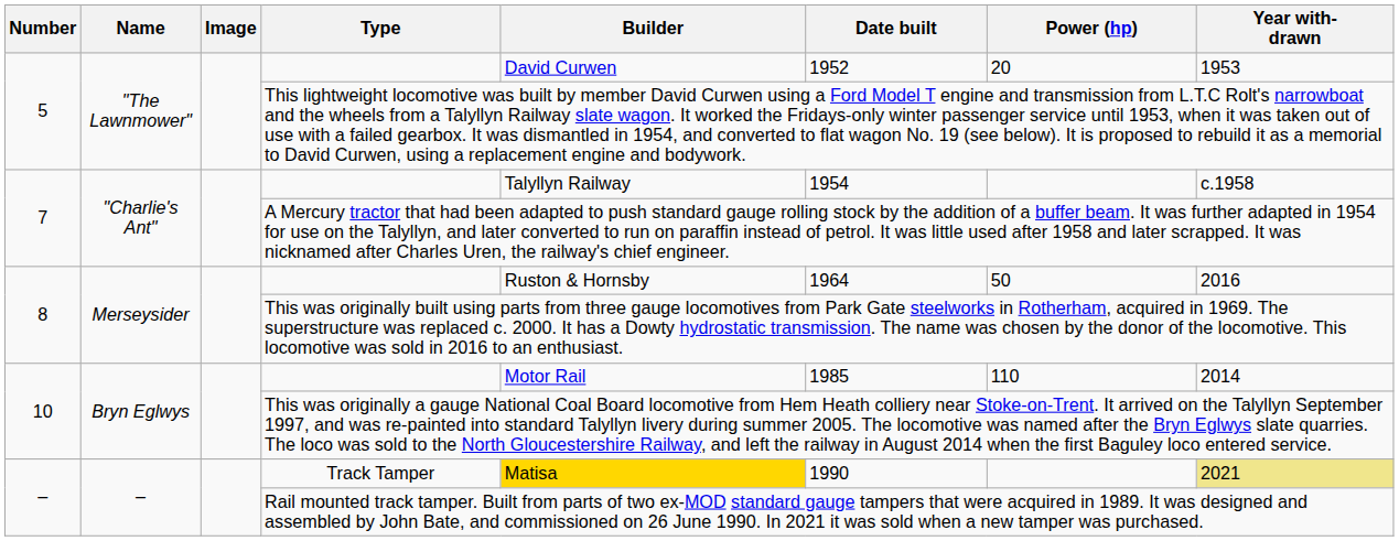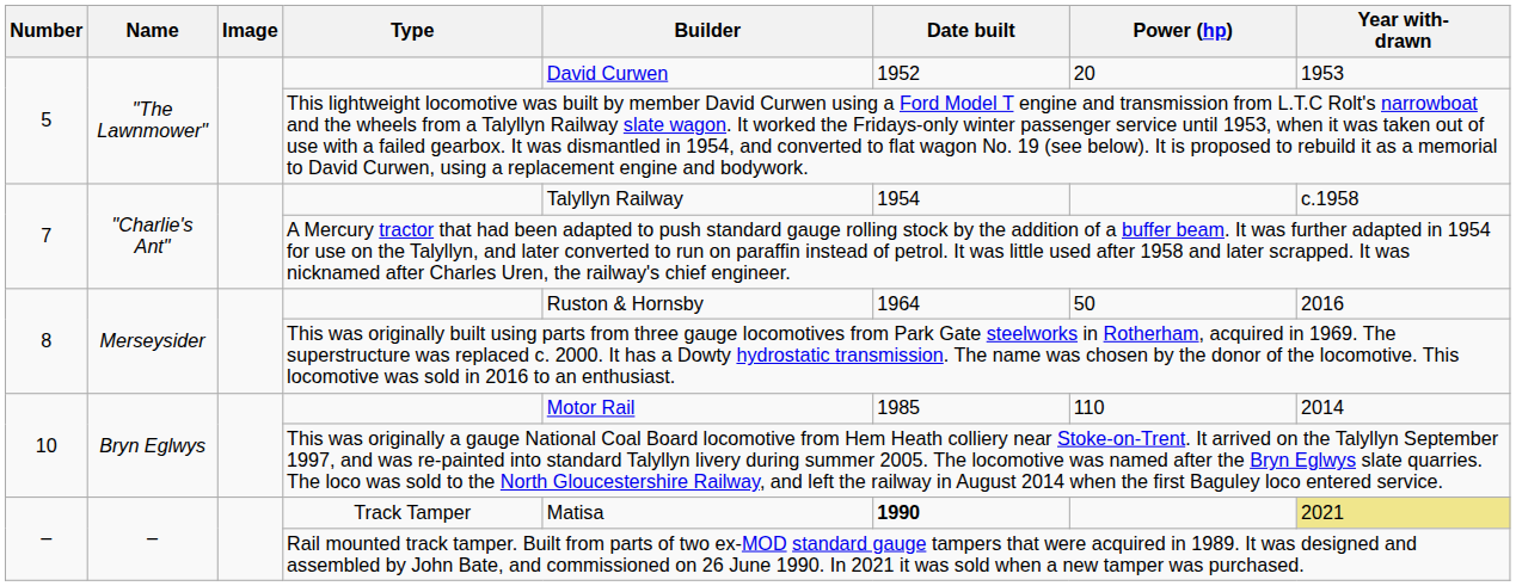 <table class="wikitable">
 <tr>
 <th>Number</th>
 <th>Name</th>
 <th>Image</th>
 <th>Type</th>
 <th>Builder</th>
 <th>Date built</th>
 <th>Power (<a href='#'>hp</a>)</th>
 <th>Year with-<br>drawn</th>
 </tr>
 <tr>
 <td rowspan=2 align="center">5</td>
 <td rowspan=2 align="center"><em>"The Lawnmower"</em></td>
 <td rowspan=2 align="center"></td>
 <td align="center"></td>
 <td><a href='#'>David Curwen</a></td>
 <td>1952</td>
 <td>20</td>
 <td>1953</td>
 </tr>
 <tr>
 <td colspan=5>This lightweight locomotive was built by member David Curwen using a <a href='#'>Ford Model T</a> engine and transmission from L.T.C Rolt's <a href='#'>narrowboat</a> and the wheels from a Talyllyn Railway <a href='#'>slate wagon</a>. It worked the Fridays-only winter passenger service until 1953, when it was taken out of use with a failed gearbox. It was dismantled in 1954, and converted to flat wagon No. 19 (see below). It is proposed to rebuild it as a memorial to David Curwen, using a replacement engine and bodywork.</td>
 </tr>
 <tr>
 <td rowspan=2 align="center">7</td>
 <td rowspan=2 align="center"><em>"Charlie's Ant"</em></td>
 <td rowspan=2 align="center"></td>
 <td align="center"></td>
 <td>Talyllyn Railway</td>
 <td>1954</td>
 <td></td>
 <td>c.1958</td>
 </tr>
 <tr>
 <td colspan=5>A Mercury <a href='#'>tractor</a> that had been adapted to push standard gauge rolling stock by the addition of a <a href='#'>buffer beam</a>. It was further adapted in 1954 for use on the Talyllyn, and later converted to run on paraffin instead of petrol. It was little used after 1958 and later scrapped. It was nicknamed after Charles Uren, the railway's chief engineer.</td>
 </tr>
 <tr>
 <td rowspan=2 align="center">8</td>
 <td rowspan=2 align="center"><em>Merseysider</em></td>
 <td rowspan=2 align="center"></td>
 <td align="center"></td>
 <td>Ruston & Hornsby</td>
 <td>1964</td>
 <td>50</td>
 <td>2016</td>
 </tr>
 <tr>
 <td colspan=6>This was originally built using parts from three  gauge locomotives from Park Gate <a href='#'>steelworks</a> in <a href='#'>Rotherham</a>, acquired in 1969. The superstructure was replaced c. 2000. It has a Dowty <a href='#'>hydrostatic transmission</a>. The name was chosen by the donor of the locomotive. This locomotive was sold in 2016 to an enthusiast.</td>
 </tr>
 <tr>
 <td rowspan=2 align="center">10</td>
 <td rowspan=2 align="center"><em>Bryn Eglwys</em></td>
 <td rowspan=2 align="center"></td>
 <td align="center"></td>
 <td><a href='#'>Motor Rail</a></td>
 <td>1985</td>
 <td>110</td>
 <td>2014</td>
 </tr>
 <tr>
 <td colspan=5>This was originally a  gauge National Coal Board locomotive from Hem Heath colliery near <a href='#'>Stoke-on-Trent</a>. It arrived on the Talyllyn September 1997, and was re-painted into standard Talyllyn livery during summer 2005. The locomotive was named after the <a href='#'>Bryn Eglwys</a> slate quarries. The loco was sold to the <a href='#'>North Gloucestershire Railway</a>, and left the railway in August 2014 when the first Baguley loco entered service.</td>
 </tr>
 <tr>
 <td rowspan=2 align="center">–</td>
 <td rowspan=2 align="center">–</td>
 <td rowspan=2 align="center"></td>
 <td align="center"> Track Tamper</td>
-<td style="background: gold;">Matisa</td>
-<td>1990</td>
+<td>Matisa</td>
+<td><strong>1990</strong></td>
 <td></td>
 <td style="background: khaki;">2021</td>
 </tr>
 <tr>
 <td colspan=5>Rail mounted track tamper. Built from parts of two ex-<a href='#'>MOD</a> <a href='#'>standard gauge</a> tampers that were acquired in 1989. It was designed and assembled by John Bate, and commissioned on 26 June 1990. In 2021 it was sold when a new tamper was purchased.</td>
 </tr>
 </table>
